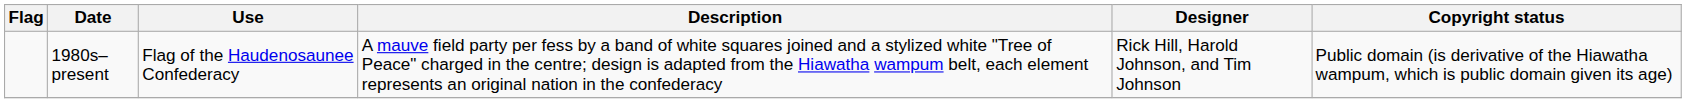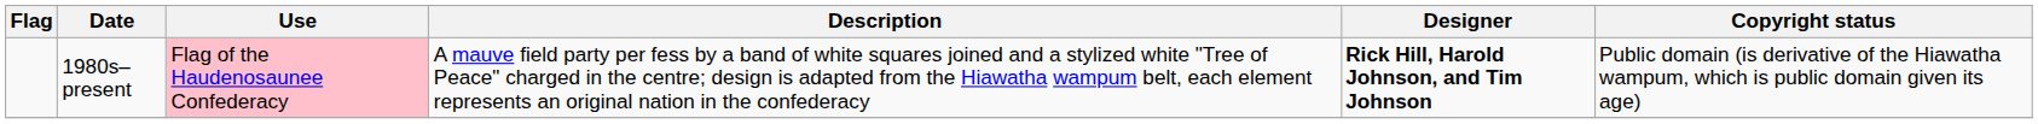 <table class="wikitable">
 <tr>
 <th scope="col">Flag</th>
 <th scope="col">Date</th>
 <th scope="col">Use</th>
 <th scope="col" style="width: 45%;">Description</th>
 <th scope="col">Designer</th>
 <th scope="col">Copyright status</th>
 </tr>
 <tr>
 <td></td>
 <td>1980s–present</td>
-<td>Flag of the <a href='#'>Haudenosaunee</a> Confederacy</td>
+<td style="background: pink;">Flag of the <a href='#'>Haudenosaunee</a> Confederacy</td>
 <td>A <a href='#'>mauve</a> field party per fess by a band of white squares joined and a stylized white "Tree of Peace" charged in the centre; design is adapted from the <a href='#'>Hiawatha</a> <a href='#'>wampum</a> belt, each element represents an original nation in the confederacy</td>
-<td>Rick Hill, Harold Johnson, and Tim Johnson</td>
+<td><strong>Rick Hill, Harold Johnson, and Tim Johnson</strong></td>
 <td>Public domain (is derivative of the Hiawatha wampum, which is public domain given its age)</td>
 </tr>
 <tr>
 </tr>
 </table>
